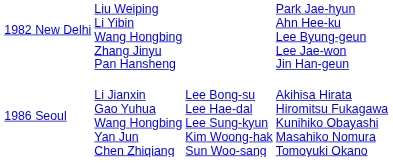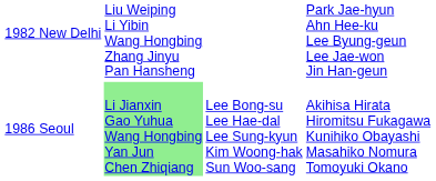 <table>
 <tr>
 <td><a href='#'>1982 New Delhi</a></td>
 <td><br><a href='#'>Liu Weiping</a><br><a href='#'>Li Yibin</a><br><a href='#'>Wang Hongbing</a><br><a href='#'>Zhang Jinyu</a><br><a href='#'>Pan Hansheng</a></td>
 <td valign=top></td>
 <td><br><a href='#'>Park Jae-hyun</a><br><a href='#'>Ahn Hee-ku</a><br><a href='#'>Lee Byung-geun</a><br><a href='#'>Lee Jae-won</a><br><a href='#'>Jin Han-geun</a></td>
 </tr>
 <tr>
 <td><a href='#'>1986 Seoul</a></td>
-<td><br><a href='#'>Li Jianxin</a><br><a href='#'>Gao Yuhua</a><br><a href='#'>Wang Hongbing</a><br><a href='#'>Yan Jun</a><br><a href='#'>Chen Zhiqiang</a></td>
+<td style="background: lightgreen;"><br><a href='#'>Li Jianxin</a><br><a href='#'>Gao Yuhua</a><br><a href='#'>Wang Hongbing</a><br><a href='#'>Yan Jun</a><br><a href='#'>Chen Zhiqiang</a></td>
 <td><br><a href='#'>Lee Bong-su</a><br><a href='#'>Lee Hae-dal</a><br><a href='#'>Lee Sung-kyun</a><br><a href='#'>Kim Woong-hak</a><br><a href='#'>Sun Woo-sang</a></td>
 <td><br><a href='#'>Akihisa Hirata</a><br><a href='#'>Hiromitsu Fukagawa</a><br><a href='#'>Kunihiko Obayashi</a><br><a href='#'>Masahiko Nomura</a><br><a href='#'>Tomoyuki Okano</a></td>
 </tr>
 </table>
